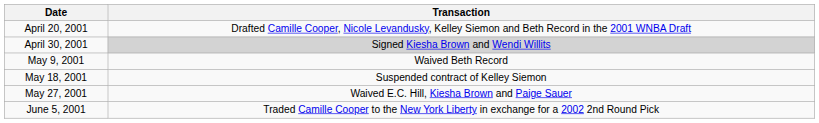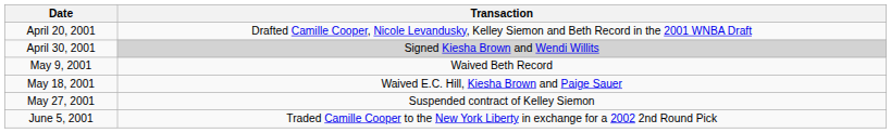 <table class="wikitable" style="width:80%; text-align: center;">
 <tr>
 <th>Date</th>
 <th>Transaction</th>
 </tr>
 <tr>
 <td>April 20, 2001</td>
 <td>Drafted <a href='#'>Camille Cooper</a>, <a href='#'>Nicole Levandusky</a>, Kelley Siemon and Beth Record in the <a href='#'>2001 WNBA Draft</a></td>
 </tr>
 <tr>
 <td>April 30, 2001</td>
 <td style="background: lightgrey;">Signed <a href='#'>Kiesha Brown</a> and <a href='#'>Wendi Willits</a></td>
 </tr>
 <tr>
 <td>May 9, 2001</td>
 <td>Waived Beth Record</td>
 </tr>
 <tr>
 <td>May 18, 2001</td>
-<td>Suspended contract of Kelley Siemon</td>
+<td>Waived E.C. Hill, <a href='#'>Kiesha Brown</a> and <a href='#'>Paige Sauer</a></td>
 </tr>
 <tr>
 <td>May 27, 2001</td>
-<td>Waived E.C. Hill, <a href='#'>Kiesha Brown</a> and <a href='#'>Paige Sauer</a></td>
+<td>Suspended contract of Kelley Siemon</td>
 </tr>
 <tr>
 <td>June 5, 2001</td>
 <td>Traded <a href='#'>Camille Cooper</a> to the <a href='#'>New York Liberty</a> in exchange for a <a href='#'>2002</a> 2nd Round Pick</td>
 </tr>
 </table>
